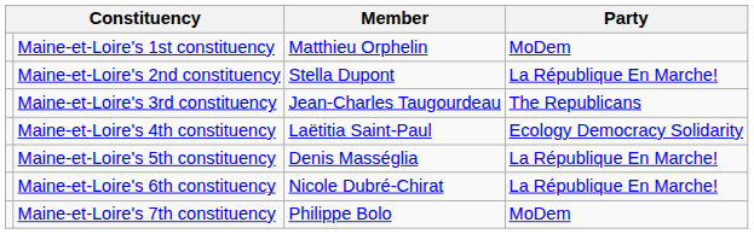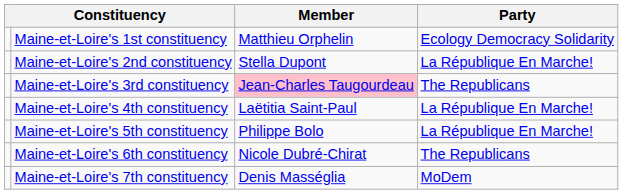 <table class="wikitable">
 <tr>
 <th colspan="2">Constituency</th>
 <th>Member</th>
 <th>Party</th>
 </tr>
 <tr>
 <td style="background-color: "></td>
 <td><a href='#'>Maine-et-Loire's 1st constituency</a></td>
 <td><a href='#'>Matthieu Orphelin</a></td>
-<td><a href='#'>MoDem</a></td>
+<td><a href='#'>Ecology Democracy Solidarity</a></td>
 </tr>
 <tr>
 <td style="background-color: "></td>
 <td><a href='#'>Maine-et-Loire's 2nd constituency</a></td>
 <td><a href='#'>Stella Dupont</a></td>
 <td><a href='#'>La République En Marche!</a></td>
 </tr>
 <tr>
 <td style="background-color: "></td>
 <td><a href='#'>Maine-et-Loire's 3rd constituency</a></td>
-<td><a href='#'>Jean-Charles Taugourdeau</a></td>
+<td style="background: pink;"><a href='#'>Jean-Charles Taugourdeau</a></td>
 <td><a href='#'>The Republicans</a></td>
 </tr>
 <tr>
 <td style="background-color: "></td>
 <td><a href='#'>Maine-et-Loire's 4th constituency</a></td>
 <td><a href='#'>Laëtitia Saint-Paul</a></td>
-<td><a href='#'>Ecology Democracy Solidarity</a></td>
+<td><a href='#'>La République En Marche!</a></td>
 </tr>
 <tr>
 <td style="background-color: "></td>
 <td><a href='#'>Maine-et-Loire's 5th constituency</a></td>
-<td><a href='#'>Denis Masséglia</a></td>
+<td><a href='#'>Philippe Bolo</a></td>
 <td><a href='#'>La République En Marche!</a></td>
 </tr>
 <tr>
 <td style="background-color: "></td>
 <td><a href='#'>Maine-et-Loire's 6th constituency</a></td>
 <td><a href='#'>Nicole Dubré-Chirat</a></td>
-<td><a href='#'>La République En Marche!</a></td>
+<td><a href='#'>The Republicans</a></td>
 </tr>
 <tr>
 <td style="background-color: "></td>
 <td><a href='#'>Maine-et-Loire's 7th constituency</a></td>
-<td><a href='#'>Philippe Bolo</a></td>
+<td><a href='#'>Denis Masséglia</a></td>
 <td><a href='#'>MoDem</a></td>
 </tr>
 </table>
